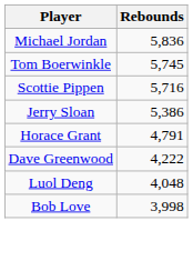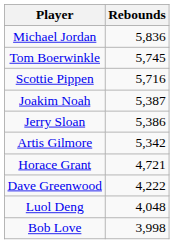 <table class="wikitable sortable">
 <tr>
 <th scope="col">Player</th>
 <th scope="col">Rebounds</th>
 </tr>
 <tr>
 <td style="text-align:center"><a href='#'>Michael Jordan</a></td>
 <td style="text-align:right">5,836</td>
 </tr>
 <tr>
 <td style="text-align:center"><a href='#'>Tom Boerwinkle</a></td>
 <td style="text-align:right">5,745</td>
 </tr>
 <tr>
 <td style="text-align:center"><a href='#'>Scottie Pippen</a></td>
 <td style="text-align:right">5,716</td>
 </tr>
 <tr>
+<td style="text-align:center"><a href='#'>Joakim Noah</a></td>
+<td style="text-align:right">5,387</td>
+</tr>
+<tr>
 <td style="text-align:center"><a href='#'>Jerry Sloan</a></td>
 <td style="text-align:right">5,386</td>
 </tr>
 <tr>
+<td style="text-align:center"><a href='#'>Artis Gilmore</a></td>
+<td style="text-align:right">5,342</td>
+</tr>
+<tr>
 <td style="text-align:center"><a href='#'>Horace Grant</a></td>
-<td style="text-align:right">4,791</td>
+<td style="text-align:right">4,721</td>
 </tr>
 <tr>
 <td style="text-align:center"><a href='#'>Dave Greenwood</a></td>
 <td style="text-align:right">4,222</td>
 </tr>
 <tr>
 <td style="text-align:center"><a href='#'>Luol Deng</a></td>
 <td style="text-align:right">4,048</td>
 </tr>
 <tr>
 <td style="text-align:center"><a href='#'>Bob Love</a></td>
 <td style="text-align:right">3,998</td>
 </tr>
 </table>
